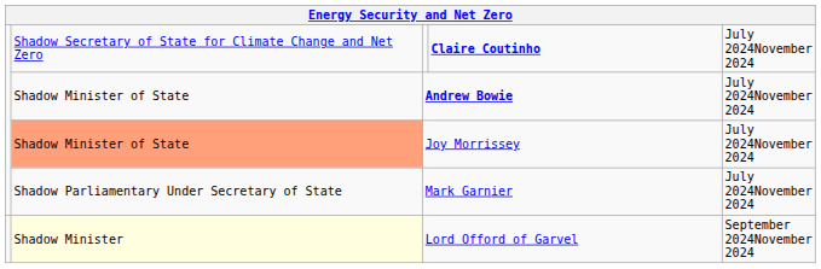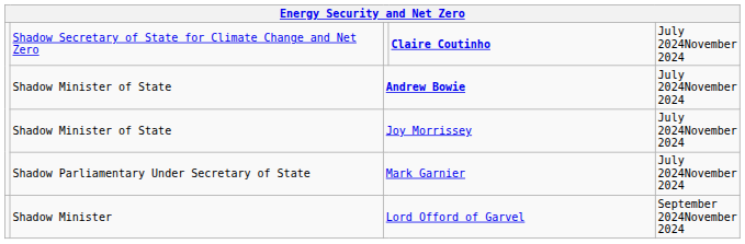 <table class="wikitable">
 <tr>
 <th colspan="5"><a href='#'>Energy Security and Net Zero</a></th>
 </tr>
 <tr>
 <td rowspan="4" style="background: "></td>
 <td style="width: 450px;"><a href='#'>Shadow Secretary of State for Climate Change and Net Zero</a></td>
 <td style="background: "></td>
 <td style="width: 320px;"><strong><a href='#'>Claire Coutinho</a></strong></td>
 <td>July 2024November 2024</td>
 </tr>
 <tr>
 <td>Shadow Minister of State</td>
 <td colspan="2"><strong><a href='#'>Andrew Bowie</a></strong><br></td>
 <td>July 2024November 2024</td>
 </tr>
 <tr>
-<td style="background: lightsalmon;">Shadow Minister of State</td>
+<td>Shadow Minister of State</td>
 <td colspan="2"><a href='#'>Joy Morrissey</a><br></td>
 <td>July 2024November 2024</td>
 </tr>
 <tr>
 <td>Shadow Parliamentary Under Secretary of State</td>
 <td colspan="2"><a href='#'>Mark Garnier</a></td>
 <td>July 2024November 2024</td>
 </tr>
 <tr>
 <td style="background: "></td>
-<td style="background: lightyellow;">Shadow Minister</td>
+<td>Shadow Minister</td>
 <td colspan="2"><a href='#'>Lord Offord of Garvel</a></td>
 <td>September 2024November 2024</td>
 </tr>
 </table>
